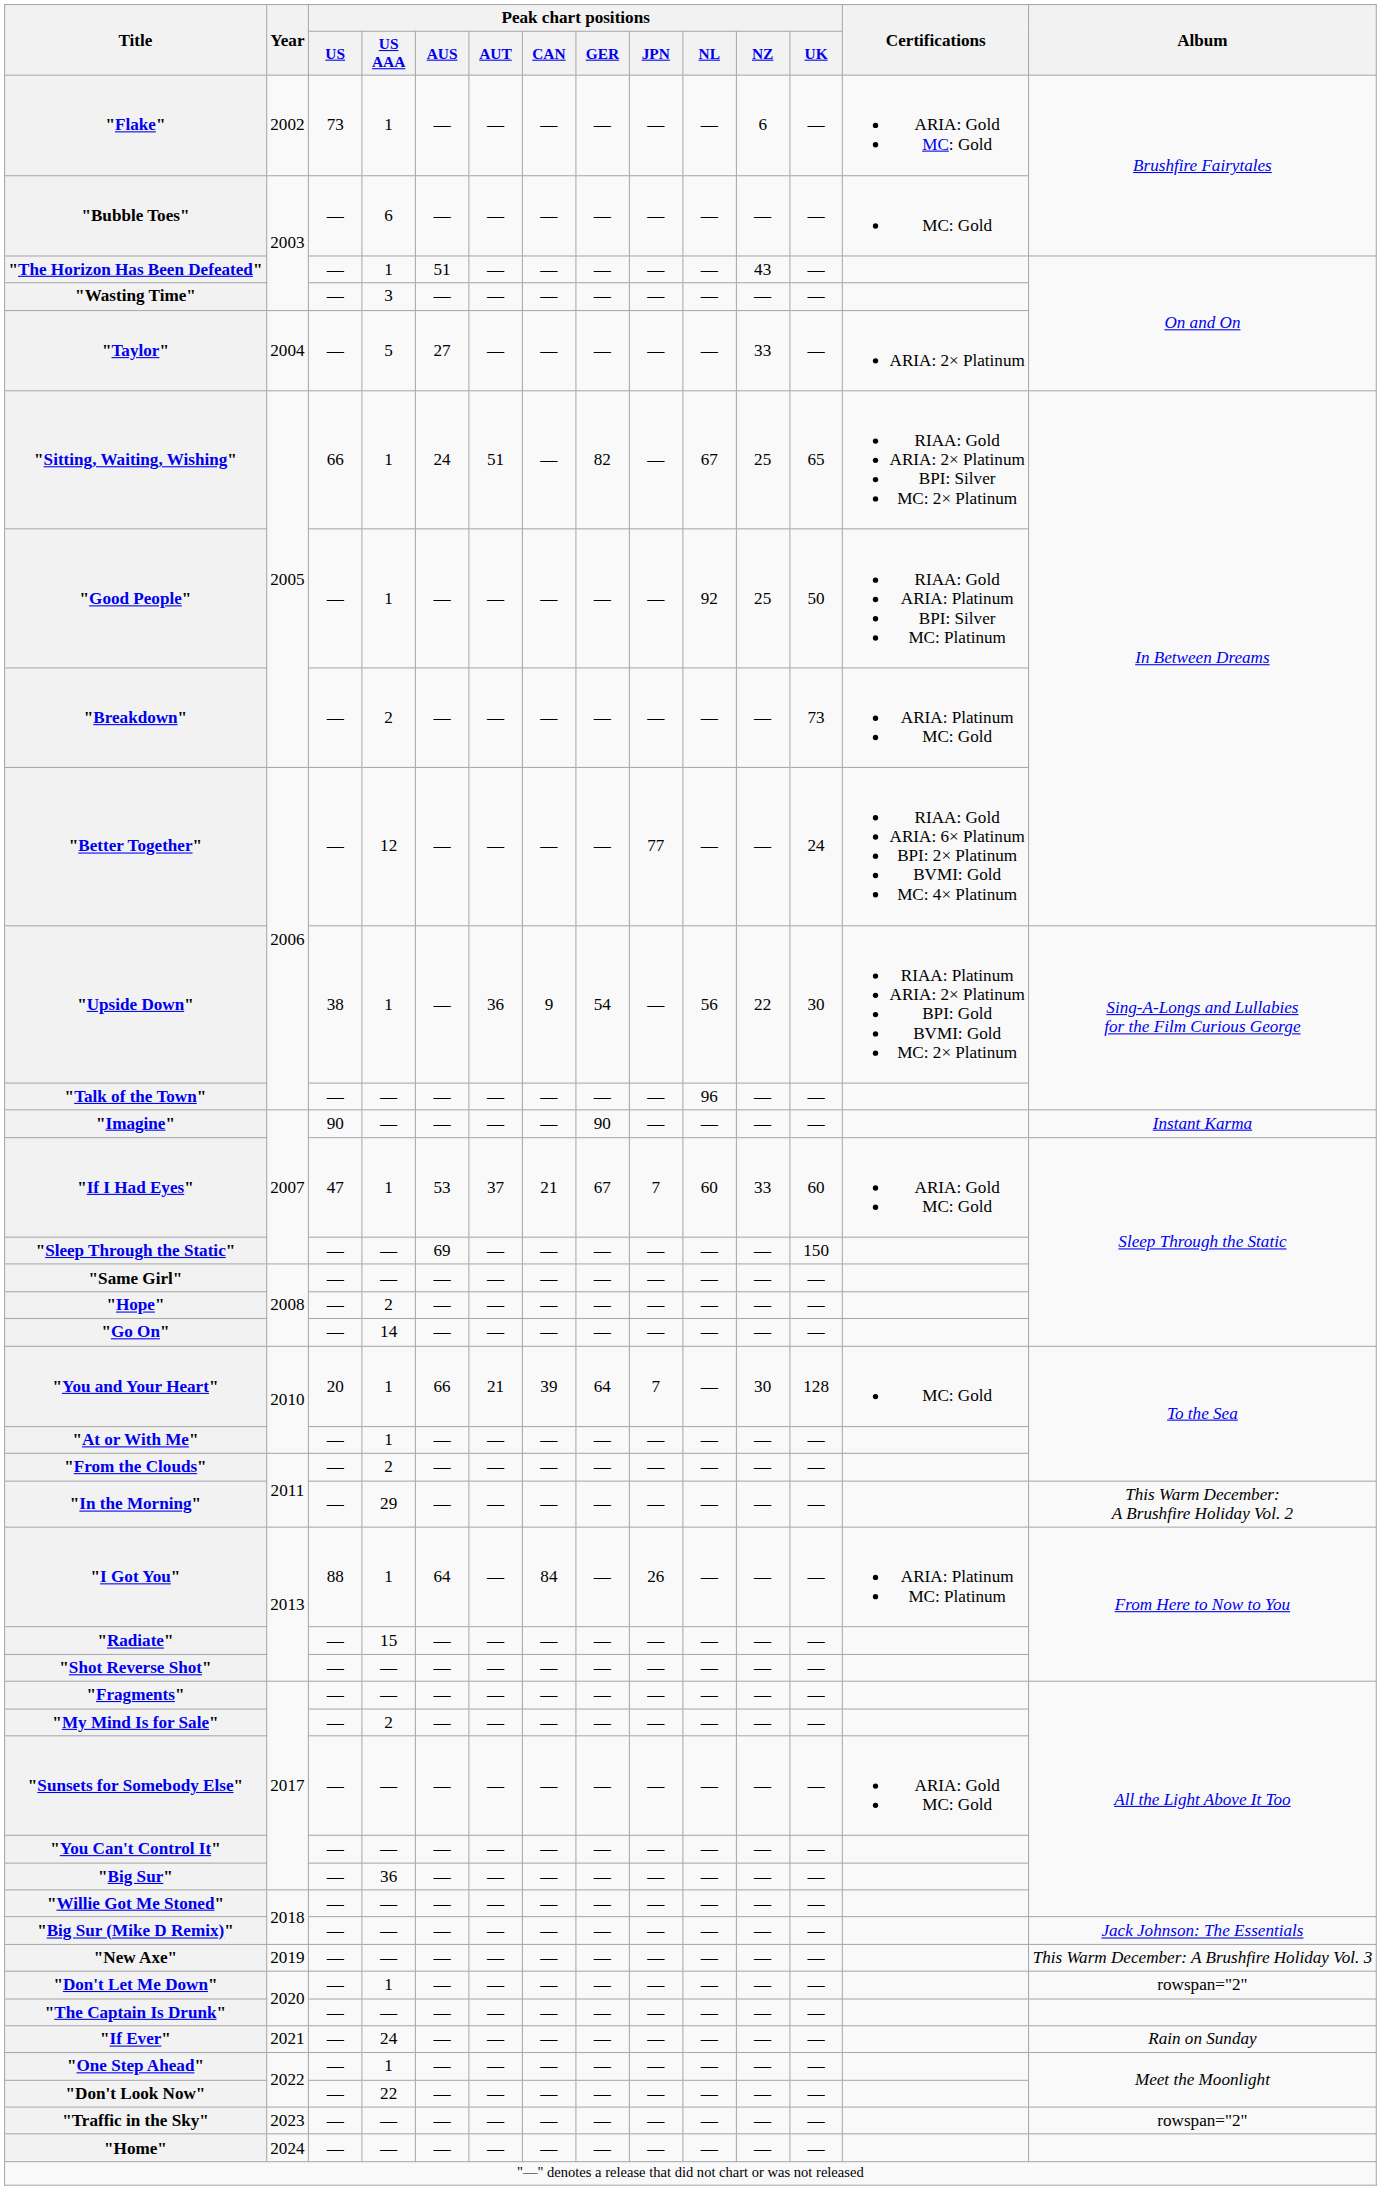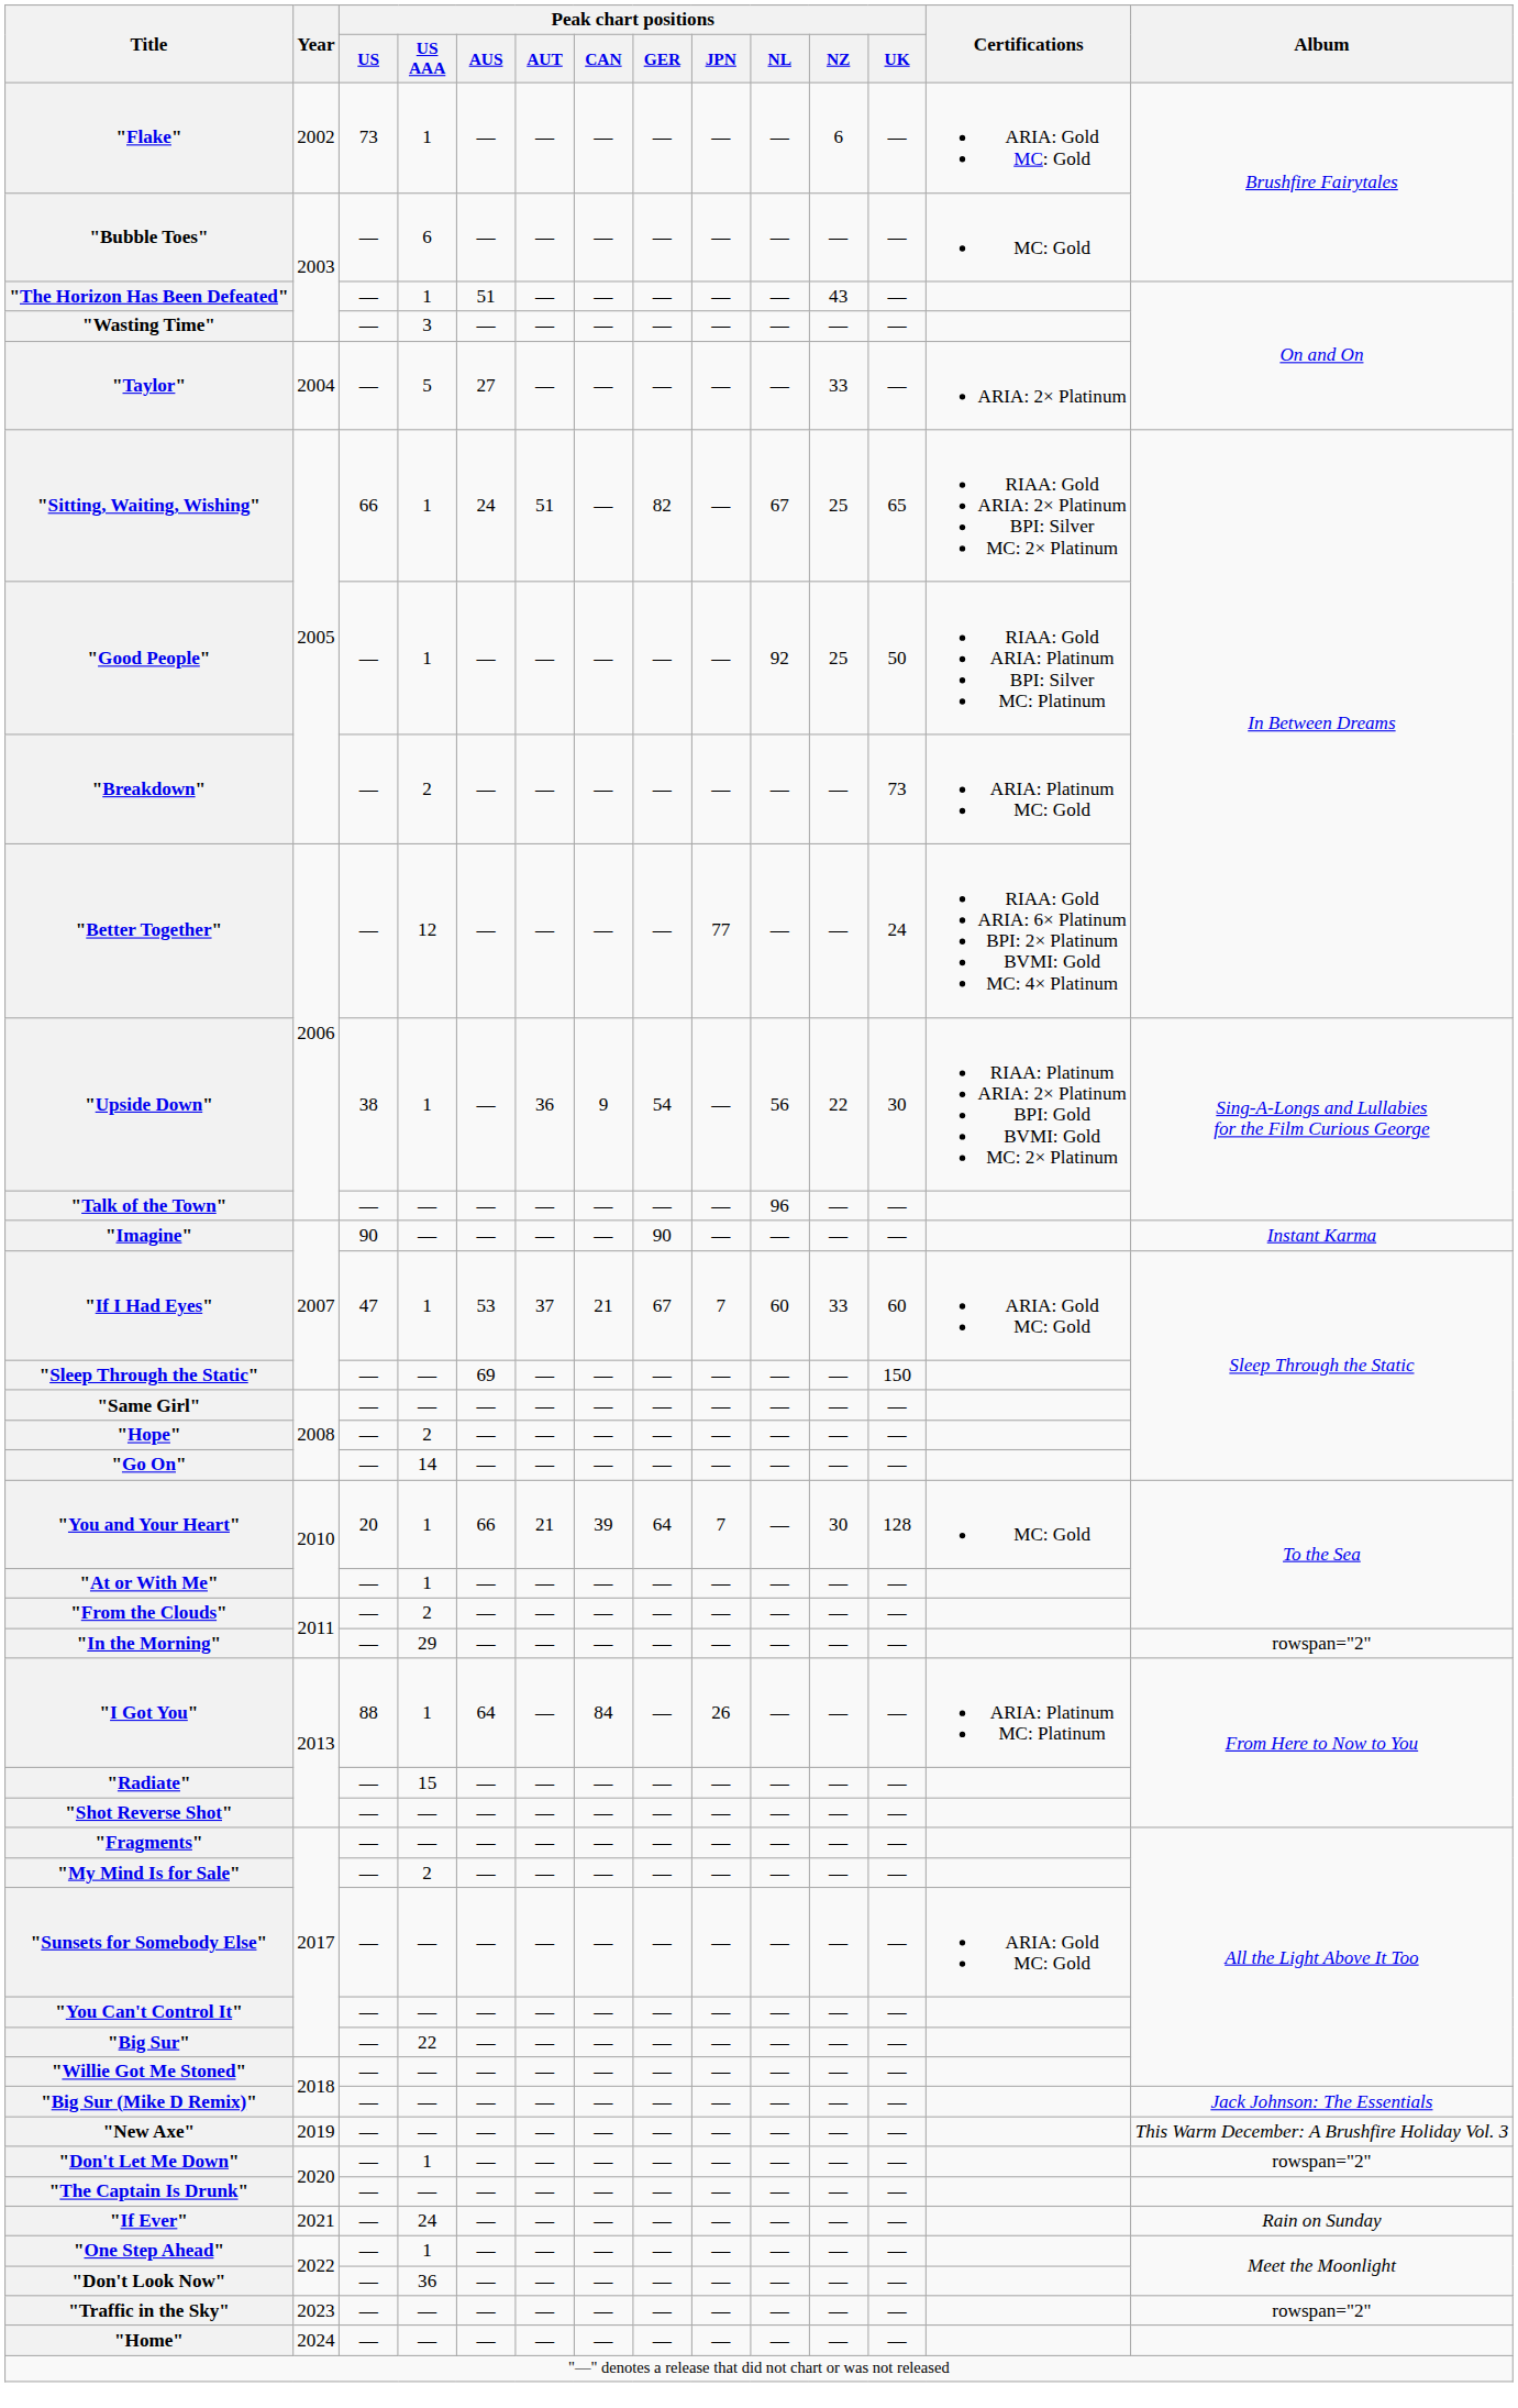 <table class="wikitable plainrowheaders" style="text-align:center">
 <tr>
 <th scope="col" rowspan="2">Title</th>
 <th scope="col" rowspan="2">Year</th>
 <th scope="col" colspan="10">Peak chart positions</th>
 <th scope="col" rowspan="2">Certifications</th>
 <th scope="col" rowspan="2">Album</th>
 </tr>
 <tr>
 <th scope="col" style="width:3em;font-size:90%"><a href='#'>US</a><br></th>
 <th scope="col" style="width:3em;font-size:90%"><a href='#'>US<br>AAA</a><br></th>
 <th scope="col" style="width:3em;font-size:90%"><a href='#'>AUS</a><br></th>
 <th scope="col" style="width:3em;font-size:90%"><a href='#'>AUT</a><br></th>
 <th scope="col" style="width:3em;font-size:90%"><a href='#'>CAN</a><br></th>
 <th scope="col" style="width:3em;font-size:90%"><a href='#'>GER</a><br></th>
 <th scope="col" style="width:3em;font-size:90%"><a href='#'>JPN</a><br></th>
 <th scope="col" style="width:3em;font-size:90%"><a href='#'>NL</a><br></th>
 <th scope="col" style="width:3em;font-size:90%"><a href='#'>NZ</a><br></th>
 <th scope="col" style="width:3em;font-size:90%"><a href='#'>UK</a><br></th>
 </tr>
 <tr>
 <th scope="row">"<a href='#'>Flake</a>"</th>
 <td>2002</td>
 <td>73</td>
 <td>1</td>
 <td>—</td>
 <td>—</td>
 <td>—</td>
 <td>—</td>
 <td>—</td>
 <td>—</td>
 <td>6</td>
 <td>—</td>
 <td><br><ul><li>ARIA: Gold</li><li><a href='#'>MC</a>: Gold</li></ul></td>
 <td rowspan="2"><em><a href='#'>Brushfire Fairytales</a></em></td>
 </tr>
 <tr>
 <th scope=row>"Bubble Toes"</th>
 <td rowspan="3">2003</td>
 <td>—</td>
 <td>6</td>
 <td>—</td>
 <td>—</td>
 <td>—</td>
 <td>—</td>
 <td>—</td>
 <td>—</td>
 <td>—</td>
 <td>—</td>
 <td><br><ul><li>MC: Gold</li></ul></td>
 </tr>
 <tr>
 <th scope=row>"<a href='#'>The Horizon Has Been Defeated</a>"</th>
 <td>—</td>
 <td>1</td>
 <td>51</td>
 <td>—</td>
 <td>—</td>
 <td>—</td>
 <td>—</td>
 <td>—</td>
 <td>43</td>
 <td>—</td>
 <td></td>
 <td rowspan="3"><em><a href='#'>On and On</a></em></td>
 </tr>
 <tr>
 <th scope=row>"Wasting Time"</th>
 <td>—</td>
 <td>3</td>
 <td>—</td>
 <td>—</td>
 <td>—</td>
 <td>—</td>
 <td>—</td>
 <td>—</td>
 <td>—</td>
 <td>—</td>
 <td></td>
 </tr>
 <tr>
 <th scope=row>"<a href='#'>Taylor</a>"</th>
 <td>2004</td>
 <td>—</td>
 <td>5</td>
 <td>27</td>
 <td>—</td>
 <td>—</td>
 <td>—</td>
 <td>—</td>
 <td>—</td>
 <td>33</td>
 <td>—</td>
 <td><br><ul><li>ARIA: 2× Platinum</li></ul></td>
 </tr>
 <tr>
 <th scope=row>"<a href='#'>Sitting, Waiting, Wishing</a>"</th>
 <td rowspan="3">2005</td>
 <td>66</td>
 <td>1</td>
 <td>24</td>
 <td>51</td>
 <td>—</td>
 <td>82</td>
 <td>—</td>
 <td>67</td>
 <td>25</td>
 <td>65</td>
 <td><br><ul><li>RIAA: Gold</li><li>ARIA: 2× Platinum</li><li>BPI: Silver</li><li>MC: 2× Platinum</li></ul></td>
 <td rowspan=4><em><a href='#'>In Between Dreams</a></em></td>
 </tr>
 <tr>
 <th scope=row>"<a href='#'>Good People</a>"</th>
 <td>—</td>
 <td>1</td>
 <td>—</td>
 <td>—</td>
 <td>—</td>
 <td>—</td>
 <td>—</td>
 <td>92</td>
 <td>25</td>
 <td>50</td>
 <td><br><ul><li>RIAA: Gold</li><li>ARIA: Platinum</li><li>BPI: Silver</li><li>MC: Platinum</li></ul></td>
 </tr>
 <tr>
 <th scope=row>"<a href='#'>Breakdown</a>"</th>
 <td>—</td>
 <td>2</td>
 <td>—</td>
 <td>—</td>
 <td>—</td>
 <td>—</td>
 <td>—</td>
 <td>—</td>
 <td>—</td>
 <td>73</td>
 <td><br><ul><li>ARIA: Platinum</li><li>MC: Gold</li></ul></td>
 </tr>
 <tr>
 <th scope=row>"<a href='#'>Better Together</a>"</th>
 <td rowspan="3">2006</td>
 <td>—</td>
 <td>12</td>
 <td>—</td>
 <td>—</td>
 <td>—</td>
 <td>—</td>
 <td>77</td>
 <td>—</td>
 <td>—</td>
 <td>24</td>
 <td><br><ul><li>RIAA: Gold</li><li>ARIA: 6× Platinum</li><li>BPI: 2× Platinum</li><li>BVMI: Gold</li><li>MC: 4× Platinum</li></ul></td>
 </tr>
 <tr>
 <th scope=row>"<a href='#'>Upside Down</a>"<br></th>
 <td>38</td>
 <td>1</td>
 <td>—</td>
 <td>36</td>
 <td>9</td>
 <td>54</td>
 <td>—</td>
 <td>56</td>
 <td>22</td>
 <td>30</td>
 <td><br><ul><li>RIAA: Platinum</li><li>ARIA: 2× Platinum</li><li>BPI: Gold</li><li>BVMI: Gold</li><li>MC: 2× Platinum</li></ul></td>
 <td rowspan="2"><em><a href='#'>Sing-A-Longs and Lullabies<br>for the Film Curious George</a></em></td>
 </tr>
 <tr>
 <th scope=row>"<a href='#'>Talk of the Town</a>"</th>
 <td>—</td>
 <td>—</td>
 <td>—</td>
 <td>—</td>
 <td>—</td>
 <td>—</td>
 <td>—</td>
 <td>96</td>
 <td>—</td>
 <td>—</td>
 <td></td>
 </tr>
 <tr>
 <th scope=row>"<a href='#'>Imagine</a>"</th>
 <td rowspan="3">2007</td>
 <td>90</td>
 <td>—</td>
 <td>—</td>
 <td>—</td>
 <td>—</td>
 <td>90</td>
 <td>—</td>
 <td>—</td>
 <td>—</td>
 <td>—</td>
 <td></td>
 <td><em><a href='#'>Instant Karma</a></em></td>
 </tr>
 <tr>
 <th scope=row>"<a href='#'>If I Had Eyes</a>"</th>
 <td>47</td>
 <td>1</td>
 <td>53</td>
 <td>37</td>
 <td>21</td>
 <td>67</td>
 <td>7</td>
 <td>60</td>
 <td>33</td>
 <td>60</td>
 <td><br><ul><li>ARIA: Gold</li><li>MC: Gold</li></ul></td>
 <td rowspan="5"><em><a href='#'>Sleep Through the Static</a></em></td>
 </tr>
 <tr>
 <th scope=row>"<a href='#'>Sleep Through the Static</a>"</th>
 <td>—</td>
 <td>—</td>
 <td>69</td>
 <td>—</td>
 <td>—</td>
 <td>—</td>
 <td>—</td>
 <td>—</td>
 <td>—</td>
 <td>150</td>
 <td></td>
 </tr>
 <tr>
 <th scope=row>"Same Girl" </th>
 <td rowspan="3">2008</td>
 <td>—</td>
 <td>—</td>
 <td>—</td>
 <td>—</td>
 <td>—</td>
 <td>—</td>
 <td>—</td>
 <td>—</td>
 <td>—</td>
 <td>—</td>
 <td></td>
 </tr>
 <tr>
 <th scope=row>"<a href='#'>Hope</a>"</th>
 <td>—</td>
 <td>2</td>
 <td>—</td>
 <td>—</td>
 <td>—</td>
 <td>—</td>
 <td>—</td>
 <td>—</td>
 <td>—</td>
 <td>—</td>
 <td></td>
 </tr>
 <tr>
 <th scope=row>"<a href='#'>Go On</a>"</th>
 <td>—</td>
 <td>14</td>
 <td>—</td>
 <td>—</td>
 <td>—</td>
 <td>—</td>
 <td>—</td>
 <td>—</td>
 <td>—</td>
 <td>—</td>
 <td></td>
 </tr>
 <tr>
 <th scope=row>"<a href='#'>You and Your Heart</a>"</th>
 <td rowspan="2">2010</td>
 <td>20</td>
 <td>1</td>
 <td>66</td>
 <td>21</td>
 <td>39</td>
 <td>64</td>
 <td>7</td>
 <td>—</td>
 <td>30</td>
 <td>128</td>
 <td><br><ul><li>MC: Gold</li></ul></td>
 <td rowspan="3"><em><a href='#'>To the Sea</a></em></td>
 </tr>
 <tr>
 <th scope=row>"<a href='#'>At or With Me</a>"</th>
 <td>—</td>
 <td>1</td>
 <td>—</td>
 <td>—</td>
 <td>—</td>
 <td>—</td>
 <td>—</td>
 <td>—</td>
 <td>—</td>
 <td>—</td>
 <td></td>
 </tr>
 <tr>
 <th scope=row>"<a href='#'>From the Clouds</a>"</th>
 <td rowspan="2">2011</td>
 <td>—</td>
 <td>2</td>
 <td>—</td>
 <td>—</td>
 <td>—</td>
 <td>—</td>
 <td>—</td>
 <td>—</td>
 <td>—</td>
 <td>—</td>
 <td></td>
 </tr>
 <tr>
 <th scope=row>"<a href='#'>In the Morning</a>"</th>
 <td>—</td>
 <td>29</td>
 <td>—</td>
 <td>—</td>
 <td>—</td>
 <td>—</td>
 <td>—</td>
 <td>—</td>
 <td>—</td>
 <td>—</td>
 <td></td>
-<td><em>This Warm December:<br>A Brushfire Holiday Vol. 2</em></td>
+<td>rowspan="2" </td>
 </tr>
 <tr>
 <th scope=row>"<a href='#'>I Got You</a>"</th>
 <td rowspan="3">2013</td>
 <td>88</td>
 <td>1</td>
 <td>64</td>
 <td>—</td>
 <td>84</td>
 <td>—</td>
 <td>26</td>
 <td>—</td>
 <td>—</td>
 <td>—</td>
 <td><br><ul><li>ARIA: Platinum</li><li>MC: Platinum</li></ul></td>
 <td rowspan="3"><em><a href='#'>From Here to Now to You</a></em></td>
 </tr>
 <tr>
 <th scope=row>"<a href='#'>Radiate</a>"</th>
 <td>—</td>
 <td>15</td>
 <td>—</td>
 <td>—</td>
 <td>—</td>
 <td>—</td>
 <td>—</td>
 <td>—</td>
 <td>—</td>
 <td>—</td>
 <td></td>
 </tr>
 <tr>
 <th scope=row>"<a href='#'>Shot Reverse Shot</a>"</th>
 <td>—</td>
 <td>—</td>
 <td>—</td>
 <td>—</td>
 <td>—</td>
 <td>—</td>
 <td>—</td>
 <td>—</td>
 <td>—</td>
 <td>—</td>
 <td></td>
 </tr>
 <tr>
 <th scope=row>"<a href='#'>Fragments</a>"</th>
 <td rowspan="5">2017</td>
 <td>—</td>
 <td>—</td>
 <td>—</td>
 <td>—</td>
 <td>—</td>
 <td>—</td>
 <td>—</td>
 <td>—</td>
 <td>—</td>
 <td>—</td>
 <td></td>
 <td rowspan="6"><em><a href='#'>All the Light Above It Too</a></em></td>
 </tr>
 <tr>
 <th scope=row>"<a href='#'>My Mind Is for Sale</a>"</th>
 <td>—</td>
 <td>2</td>
 <td>—</td>
 <td>—</td>
 <td>—</td>
 <td>—</td>
 <td>—</td>
 <td>—</td>
 <td>—</td>
 <td>—</td>
 <td></td>
 </tr>
 <tr>
 <th scope=row>"<a href='#'>Sunsets for Somebody Else</a>"</th>
 <td>—</td>
 <td>—</td>
 <td>—</td>
 <td>—</td>
 <td>—</td>
 <td>—</td>
 <td>—</td>
 <td>—</td>
 <td>—</td>
 <td>—</td>
 <td><br><ul><li>ARIA: Gold</li><li>MC: Gold</li></ul></td>
 </tr>
 <tr>
 <th scope=row>"<a href='#'>You Can't Control It</a>"</th>
 <td>—</td>
 <td>—</td>
 <td>—</td>
 <td>—</td>
 <td>—</td>
 <td>—</td>
 <td>—</td>
 <td>—</td>
 <td>—</td>
 <td>—</td>
 <td></td>
 </tr>
 <tr>
 <th scope=row>"<a href='#'>Big Sur</a>"</th>
 <td>—</td>
-<td>36</td>
+<td>22</td>
 <td>—</td>
 <td>—</td>
 <td>—</td>
 <td>—</td>
 <td>—</td>
 <td>—</td>
 <td>—</td>
 <td>—</td>
 <td></td>
 </tr>
 <tr>
 <th scope=row>"<a href='#'>Willie Got Me Stoned</a>"</th>
 <td rowspan="2">2018</td>
 <td>—</td>
 <td>—</td>
 <td>—</td>
 <td>—</td>
 <td>—</td>
 <td>—</td>
 <td>—</td>
 <td>—</td>
 <td>—</td>
 <td>—</td>
 <td></td>
 </tr>
 <tr>
 <th scope=row>"<a href='#'>Big Sur (Mike D Remix)</a>" </th>
 <td>—</td>
 <td>—</td>
 <td>—</td>
 <td>—</td>
 <td>—</td>
 <td>—</td>
 <td>—</td>
 <td>—</td>
 <td>—</td>
 <td>—</td>
 <td></td>
 <td><em><a href='#'>Jack Johnson: The Essentials</a></em></td>
 </tr>
 <tr>
 <th scope=row>"New Axe"</th>
 <td>2019</td>
 <td>—</td>
 <td>—</td>
 <td>—</td>
 <td>—</td>
 <td>—</td>
 <td>—</td>
 <td>—</td>
 <td>—</td>
 <td>—</td>
 <td>—</td>
 <td></td>
 <td><em>This Warm December: A Brushfire Holiday Vol. 3</em></td>
 </tr>
 <tr>
 <th scope=row>"<a href='#'>Don't Let Me Down</a>"<br></th>
 <td rowspan="2">2020</td>
 <td>—</td>
 <td>1</td>
 <td>—</td>
 <td>—</td>
 <td>—</td>
 <td>—</td>
 <td>—</td>
 <td>—</td>
 <td>—</td>
 <td>—</td>
 <td></td>
 <td>rowspan="2" </td>
 </tr>
 <tr>
 <th scope=row>"<a href='#'>The Captain Is Drunk</a>"</th>
 <td>—</td>
 <td>—</td>
 <td>—</td>
 <td>—</td>
 <td>—</td>
 <td>—</td>
 <td>—</td>
 <td>—</td>
 <td>—</td>
 <td>—</td>
 <td></td>
 </tr>
 <tr>
 <th scope=row>"<a href='#'>If Ever</a>"<br></th>
 <td>2021</td>
 <td>—</td>
 <td>24</td>
 <td>—</td>
 <td>—</td>
 <td>—</td>
 <td>—</td>
 <td>—</td>
 <td>—</td>
 <td>—</td>
 <td>—</td>
 <td></td>
 <td><em>Rain on Sunday</em></td>
 </tr>
 <tr>
 <th scope=row>"<a href='#'>One Step Ahead</a>"</th>
 <td rowspan="2">2022</td>
 <td>—</td>
 <td>1</td>
 <td>—</td>
 <td>—</td>
 <td>—</td>
 <td>—</td>
 <td>—</td>
 <td>—</td>
 <td>—</td>
 <td>—</td>
 <td></td>
 <td rowspan="2"><em>Meet the Moonlight</em></td>
 </tr>
 <tr>
 <th scope=row>"Don't Look Now"</th>
 <td>—</td>
-<td>22</td>
+<td>36</td>
 <td>—</td>
 <td>—</td>
 <td>—</td>
 <td>—</td>
 <td>—</td>
 <td>—</td>
 <td>—</td>
 <td>—</td>
 <td></td>
 </tr>
 <tr>
 <th scope=row>"Traffic in the Sky" </th>
 <td>2023</td>
 <td>—</td>
 <td>—</td>
 <td>—</td>
 <td>—</td>
 <td>—</td>
 <td>—</td>
 <td>—</td>
 <td>—</td>
 <td>—</td>
 <td>—</td>
 <td></td>
 <td>rowspan="2" </td>
 </tr>
 <tr>
 <th scope=row>"Home" </th>
 <td>2024</td>
 <td>—</td>
 <td>—</td>
 <td>—</td>
 <td>—</td>
 <td>—</td>
 <td>—</td>
 <td>—</td>
 <td>—</td>
 <td>—</td>
 <td>—</td>
 <td></td>
 </tr>
 <tr>
 <td colspan="18" style="font-size:85%">"—" denotes a release that did not chart or was not released</td>
 </tr>
 </table>
